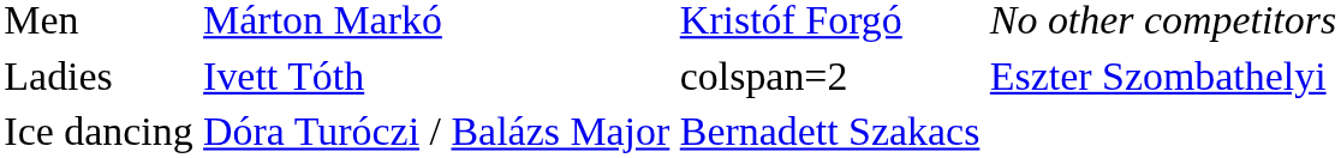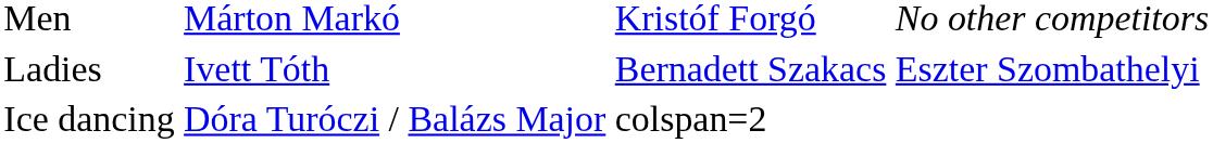 <table>
 <tr>
 <td>Men</td>
 <td><a href='#'>Márton Markó</a></td>
 <td><a href='#'>Kristóf Forgó</a></td>
 <td><em>No other competitors</em></td>
 </tr>
 <tr>
 <td>Ladies</td>
 <td><a href='#'>Ivett Tóth</a></td>
-<td>colspan=2 </td>
+<td><a href='#'>Bernadett Szakacs</a></td>
 <td><a href='#'>Eszter Szombathelyi</a></td>
 </tr>
 <tr>
 <td>Ice dancing</td>
 <td><a href='#'>Dóra Turóczi</a> / <a href='#'>Balázs Major</a></td>
-<td><a href='#'>Bernadett Szakacs</a></td>
+<td>colspan=2 </td>
 </tr>
 </table>
